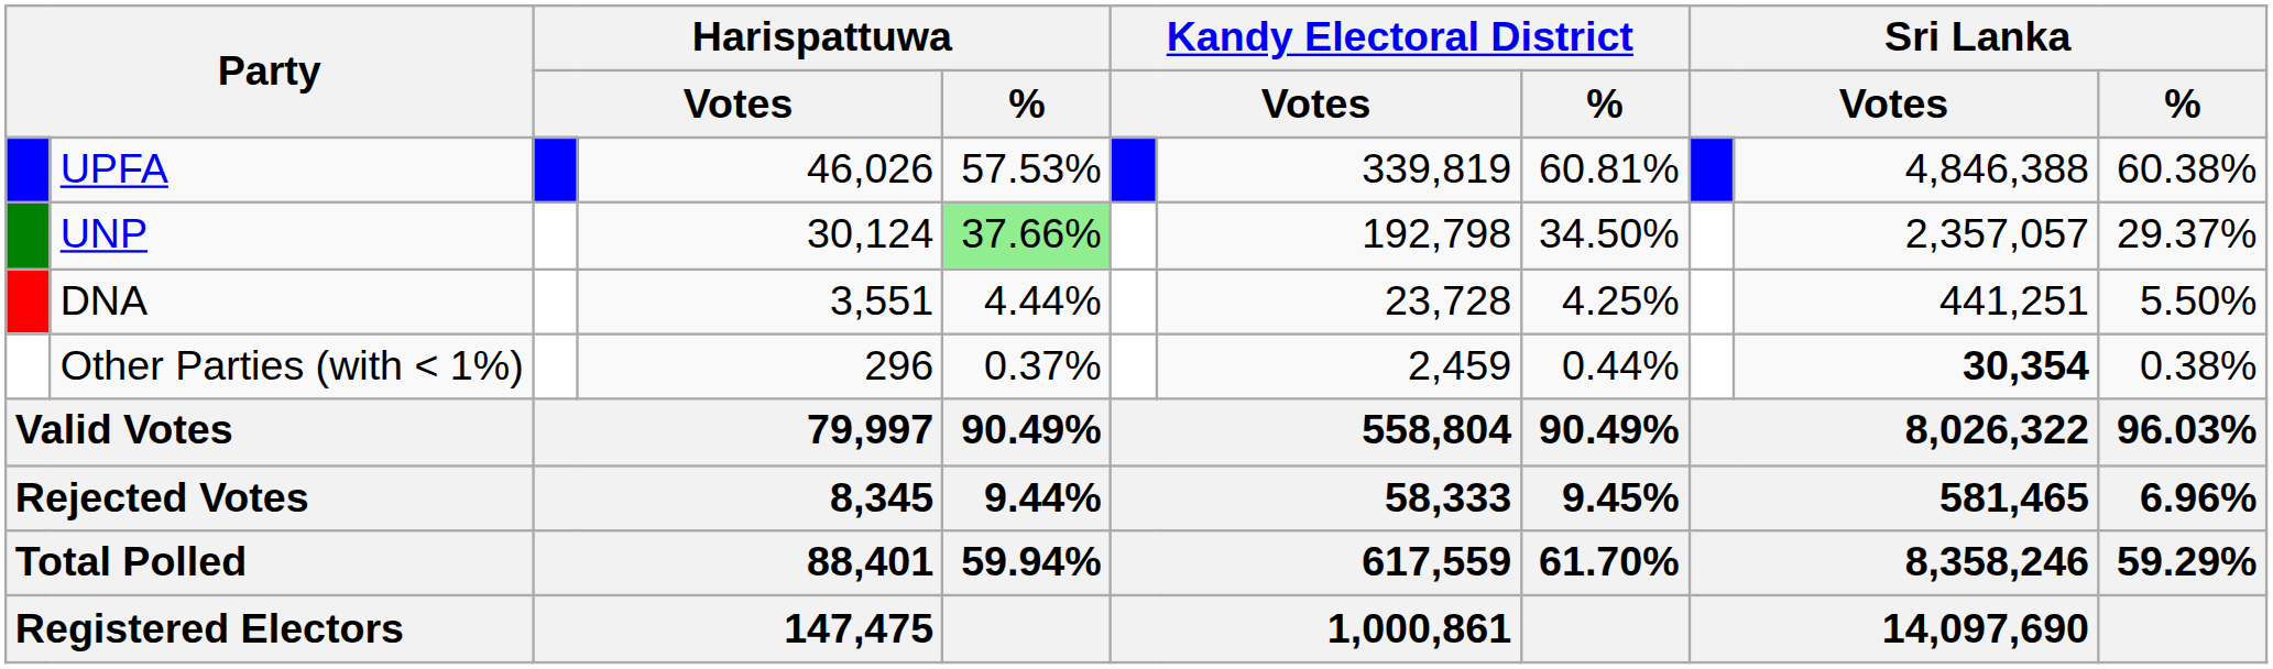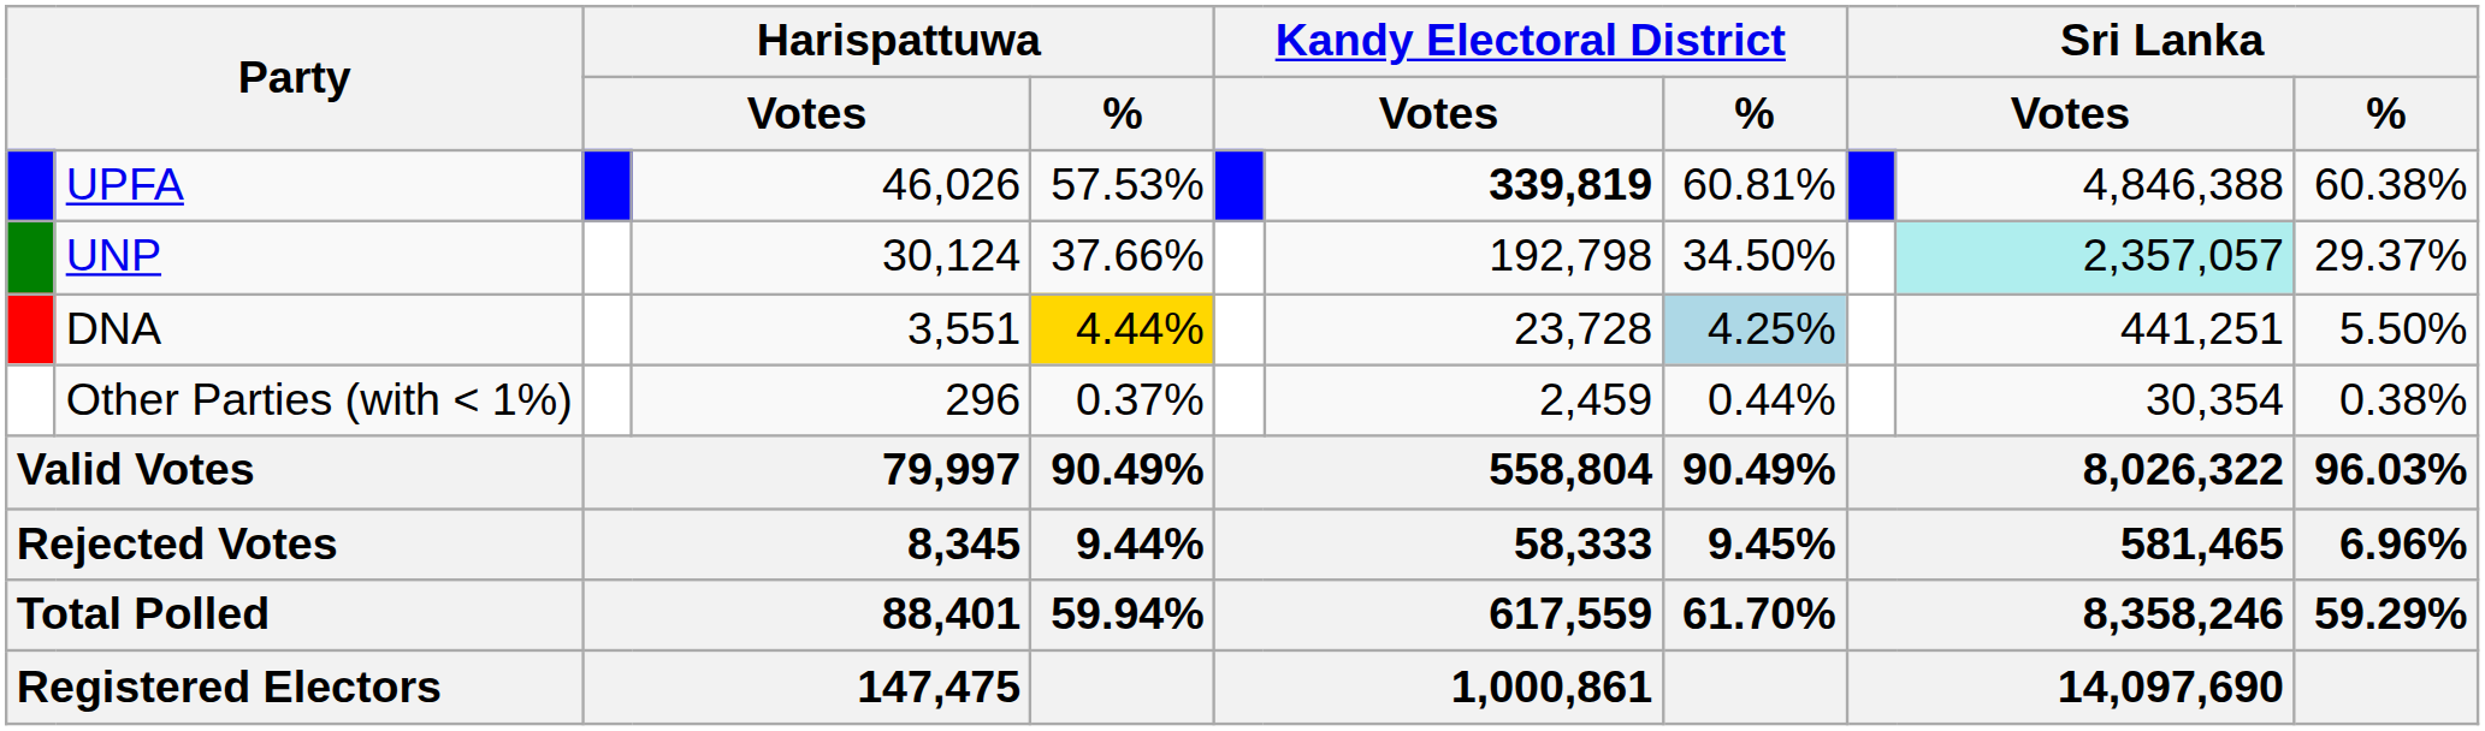 <table class="wikitable">
 <tr>
 <th colspan="2" width="144px"rowspan="2">Party</th>
 <th colspan="3" width="216px">Harispattuwa</th>
 <th colspan="3" width="216px"><a href='#'>Kandy Electoral District</a></th>
 <th colspan="3" width="216px">Sri Lanka</th>
 </tr>
 <tr>
 <th colspan="2" width="144px">Votes</th>
 <th>%</th>
 <th colspan="2" width="144px">Votes</th>
 <th>%</th>
 <th colspan="2" width="144px">Votes</th>
 <th>%</th>
 </tr>
 <tr>
 <td style="background-color:blue;" width="10px"></td>
 <td style="text-align:left;"><a href='#'>UPFA</a></td>
 <td style="background-color:blue;" width="10px"></td>
 <td style="text-align:right;">46,026</td>
 <td style="text-align:right;">57.53%</td>
 <td style="background-color:blue;" width="10px"></td>
-<td style="text-align:right;">339,819</td>
+<td style="text-align:right;"><strong>339,819</strong></td>
 <td style="text-align:right;">60.81%</td>
 <td style="background-color:blue;" width="10px"></td>
 <td style="text-align:right;">4,846,388</td>
 <td style="text-align:right;">60.38%</td>
 </tr>
 <tr>
 <td style="background-color:green;" width="10px"></td>
 <td style="text-align:left;"><a href='#'>UNP</a></td>
 <td style="background-color:white;" width="10px"></td>
 <td style="text-align:right;">30,124</td>
-<td style="background: lightgreen; text-align:right;">37.66%</td>
+<td style="text-align:right;">37.66%</td>
 <td style="background-color:white;" width="10px"></td>
 <td style="text-align:right;">192,798</td>
 <td style="text-align:right;">34.50%</td>
 <td style="background-color:white;" width="10px"></td>
-<td style="text-align:right;">2,357,057</td>
+<td style="background: paleturquoise; text-align:right;">2,357,057</td>
 <td style="text-align:right;">29.37%</td>
 </tr>
 <tr>
 <td style="background-color:red;" width="10px"></td>
 <td style="text-align:left;">DNA</td>
 <td style="background-color:white;" width="10px"></td>
 <td style="text-align:right;">3,551</td>
-<td style="text-align:right;">4.44%</td>
+<td style="background: gold; text-align:right;">4.44%</td>
 <td style="background-color:white;" width="10px"></td>
 <td style="text-align:right;">23,728</td>
-<td style="text-align:right;">4.25%</td>
+<td style="background: lightblue; text-align:right;">4.25%</td>
 <td style="background-color:white;" width="10px"></td>
 <td style="text-align:right;">441,251</td>
 <td style="text-align:right;">5.50%</td>
 </tr>
 <tr>
 <td style="background-color:white;" width="10px"></td>
 <td style="text-align:left;">Other Parties (with < 1%)</td>
 <td style="background-color:white;" width="10px"></td>
 <td style="text-align:right;">296</td>
 <td style="text-align:right;">0.37%</td>
 <td style="background-color:white;" width="10px"></td>
 <td style="text-align:right;">2,459</td>
 <td style="text-align:right;">0.44%</td>
 <td style="background-color:white;" width="10px"></td>
-<td style="text-align:right;"><strong>30,354</strong></td>
+<td style="text-align:right;">30,354</td>
 <td style="text-align:right;">0.38%</td>
 </tr>
 <tr>
 <th colspan="2" width="144px"style="text-align:left;">Valid Votes</th>
 <th style="text-align:right;"colspan="2" width="144px">79,997</th>
 <th style="text-align:right;">90.49%</th>
 <th style="text-align:right;"colspan="2" width="144px">558,804</th>
 <th style="text-align:right;">90.49%</th>
 <th style="text-align:right;"colspan="2" width="144px">8,026,322</th>
 <th style="text-align:right;">96.03%</th>
 </tr>
 <tr>
 <th colspan="2" width="144px"style="text-align:left;">Rejected Votes</th>
 <th style="text-align:right;"colspan="2" width="144px">8,345</th>
 <th style="text-align:right;">9.44%</th>
 <th style="text-align:right;"colspan="2" width="144px">58,333</th>
 <th style="text-align:right;">9.45%</th>
 <th style="text-align:right;"colspan="2" width="144px">581,465</th>
 <th style="text-align:right;">6.96%</th>
 </tr>
 <tr>
 <th colspan="2" width="144px"style="text-align:left;">Total Polled</th>
 <th style="text-align:right;"colspan="2" width="144px">88,401</th>
 <th style="text-align:right;">59.94%</th>
 <th style="text-align:right;"colspan="2" width="144px">617,559</th>
 <th style="text-align:right;">61.70%</th>
 <th style="text-align:right;"colspan="2" width="144px">8,358,246</th>
 <th style="text-align:right;">59.29%</th>
 </tr>
 <tr>
 <th colspan="2" width="144px"style="text-align:left;">Registered Electors</th>
 <th style="text-align:right;"colspan="2" width="144px">147,475</th>
 <th></th>
 <th style="text-align:right;"colspan="2" width="144px">1,000,861</th>
 <th></th>
 <th style="text-align:right;"colspan="2" width="144px">14,097,690</th>
 <th></th>
 </tr>
 </table>
